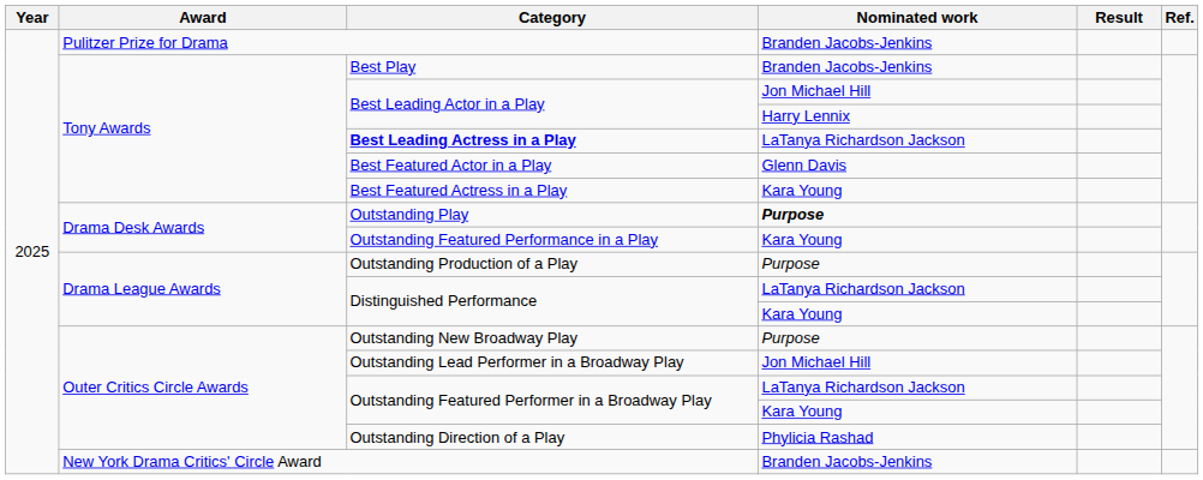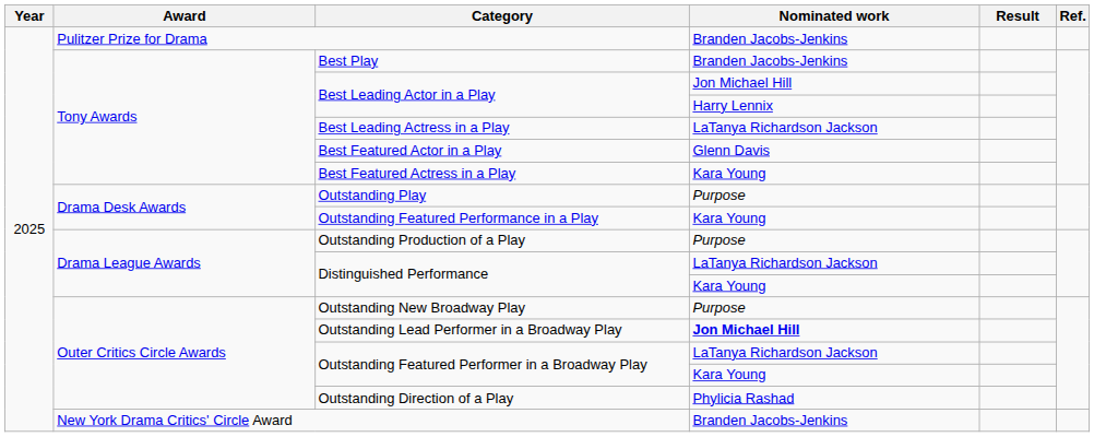 <table class=wikitable>
 <tr>
 <th scope="col" style="width:3em;">Year</th>
 <th scope="col" style="width:18em;">Award</th>
 <th scope="col" style="width:26em;">Category</th>
 <th scope="col" style="width:20em;">Nominated work</th>
 <th scope="col" style="width:5em;">Result</th>
 <th>Ref.</th>
 </tr>
 <tr>
 <td style="text-align:center;", rowspan=20>2025</td>
 <td colspan="2"><a href='#'>Pulitzer Prize for Drama</a></td>
 <td><a href='#'>Branden Jacobs-Jenkins</a></td>
 <td></td>
 <td></td>
 </tr>
 <tr>
 <td rowspan="6"><a href='#'>Tony Awards</a></td>
 <td><a href='#'>Best Play</a></td>
 <td><a href='#'>Branden Jacobs-Jenkins</a></td>
 <td></td>
 <td style="text-align:center;", rowspan=6></td>
 </tr>
 <tr>
 <td rowspan="2"><a href='#'>Best Leading Actor in a Play</a></td>
 <td><a href='#'>Jon Michael Hill</a></td>
 <td></td>
 </tr>
 <tr>
 <td><a href='#'>Harry Lennix</a></td>
 <td></td>
 </tr>
 <tr>
-<td><strong><a href='#'>Best Leading Actress in a Play</a></strong></td>
+<td><a href='#'>Best Leading Actress in a Play</a></td>
 <td><a href='#'>LaTanya Richardson Jackson</a></td>
 <td></td>
 </tr>
 <tr>
 <td><a href='#'>Best Featured Actor in a Play</a></td>
 <td><a href='#'>Glenn Davis</a></td>
 <td></td>
 </tr>
 <tr>
 <td><a href='#'>Best Featured Actress in a Play</a></td>
 <td><a href='#'>Kara Young</a></td>
 <td></td>
 </tr>
 <tr>
 <td rowspan="2"><a href='#'>Drama Desk Awards</a></td>
 <td><a href='#'>Outstanding Play</a></td>
-<td><strong><em>Purpose</em></strong></td>
+<td><em>Purpose</em></td>
 <td></td>
 <td style="text-align:center;", rowspan=2></td>
 </tr>
 <tr>
 <td><a href='#'>Outstanding Featured Performance in a Play</a></td>
 <td><a href='#'>Kara Young</a></td>
 <td></td>
 </tr>
 <tr>
 <td rowspan="3"><a href='#'>Drama League Awards</a></td>
 <td>Outstanding Production of a Play</td>
 <td><em>Purpose</em></td>
 <td></td>
 <td style="text-align:center;", rowspan=3></td>
 </tr>
 <tr>
 <td rowspan="2">Distinguished Performance</td>
 <td><a href='#'>LaTanya Richardson Jackson</a></td>
 <td></td>
 </tr>
 <tr>
 <td><a href='#'>Kara Young</a></td>
 <td></td>
 </tr>
 <tr>
 <td rowspan="5"><a href='#'>Outer Critics Circle Awards</a></td>
 <td>Outstanding New Broadway Play</td>
 <td><em>Purpose</em></td>
 <td></td>
 <td style="text-align:center;", rowspan=5></td>
 </tr>
 <tr>
 <td>Outstanding Lead Performer in a Broadway Play</td>
-<td><a href='#'>Jon Michael Hill</a></td>
+<td><strong><a href='#'>Jon Michael Hill</a></strong></td>
 <td></td>
 </tr>
 <tr>
 <td rowspan="2">Outstanding Featured Performer in a Broadway Play</td>
 <td><a href='#'>LaTanya Richardson Jackson</a></td>
 <td></td>
 </tr>
 <tr>
 <td><a href='#'>Kara Young</a></td>
 <td></td>
 </tr>
 <tr>
 <td>Outstanding Direction of a Play</td>
 <td><a href='#'>Phylicia Rashad</a></td>
 <td></td>
 </tr>
 <tr>
 <td colspan="2"><a href='#'>New York Drama Critics' Circle</a> Award</td>
 <td><a href='#'>Branden Jacobs-Jenkins</a></td>
 <td></td>
 <td></td>
 </tr>
 </table>
